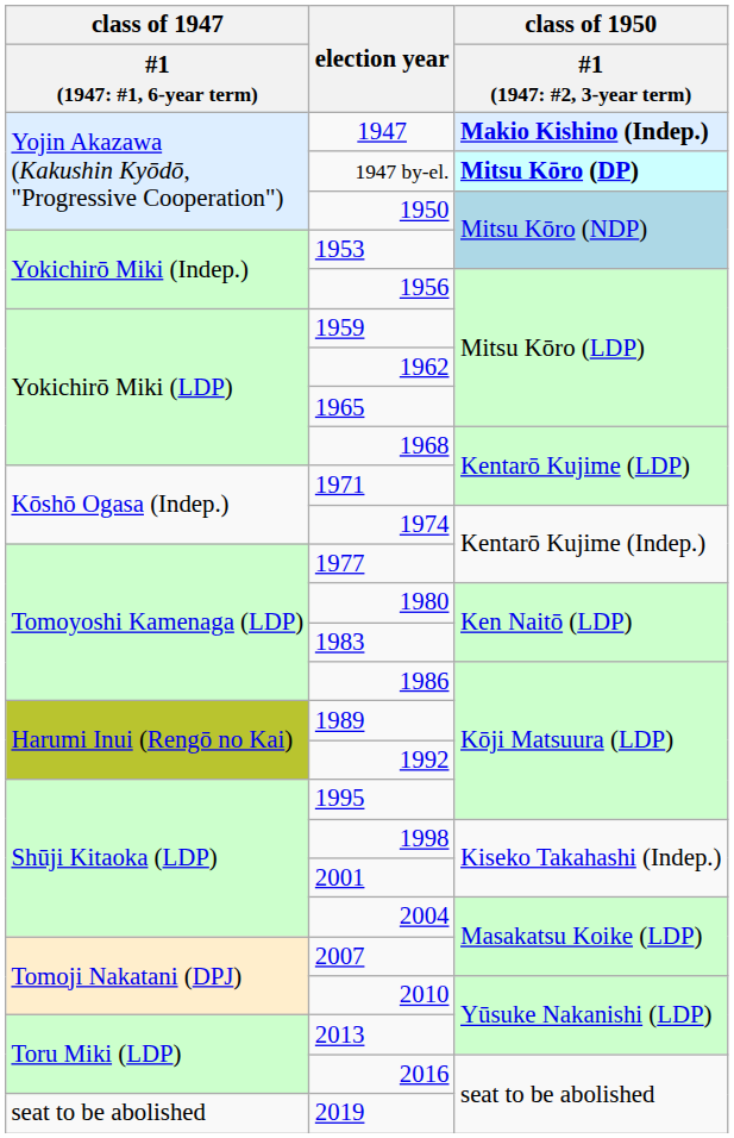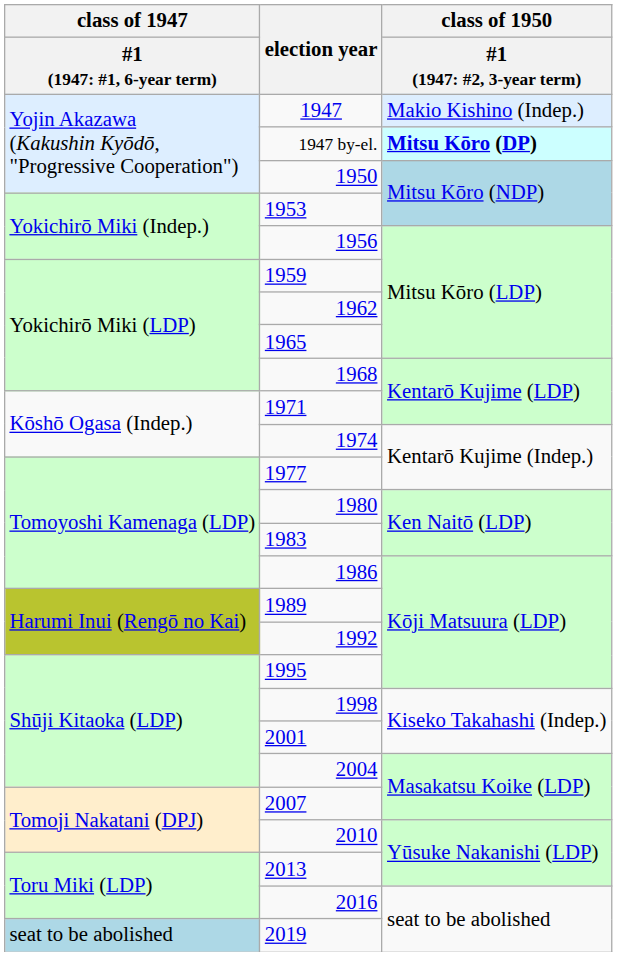 <table class="wikitable" border="1">
 <tr>
 <th>class of 1947</th>
 <th rowspan="2">election year</th>
 <th>class of 1950</th>
 </tr>
 <tr>
 <th>#1<br><small>(1947: #1, 6-year term)</small></th>
 <th>#1<br><small>(1947: #2, 3-year term)</small></th>
 </tr>
 <tr>
 <td rowspan="3" bgcolor="#DDEEFF"><a href='#'>Yojin Akazawa</a><br>(<em>Kakushin Kyōdō</em>,<br>"Progressive Cooperation")</td>
 <td align="center"><a href='#'>1947</a></td>
-<td bgcolor="#DDEEFF"><strong><a href='#'>Makio Kishino</a> (Indep.)</strong></td>
+<td bgcolor="#DDEEFF"><a href='#'>Makio Kishino</a> (Indep.)</td>
 </tr>
 <tr>
 <td align="right"><small>1947 by-el.</small></td>
 <td bgcolor="#CCFFFF"><strong><a href='#'>Mitsu Kōro</a> (<a href='#'>DP</a>)</strong></td>
 </tr>
 <tr>
 <td align="right"><a href='#'>1950</a></td>
 <td rowspan=2 bgcolor=lightblue><a href='#'>Mitsu Kōro</a> (<a href='#'>NDP</a>)</td>
 </tr>
 <tr>
 <td rowspan="2" bgcolor="#CCFFCC"><a href='#'>Yokichirō Miki</a> (Indep.)</td>
 <td align="left"><a href='#'>1953</a></td>
 </tr>
 <tr>
 <td align="right"><a href='#'>1956</a></td>
 <td rowspan="4" bgcolor="#CCFFCC">Mitsu Kōro (<a href='#'>LDP</a>)</td>
 </tr>
 <tr>
 <td rowspan="4" bgcolor="#CCFFCC">Yokichirō Miki (<a href='#'>LDP</a>)</td>
 <td align="left"><a href='#'>1959</a></td>
 </tr>
 <tr>
 <td align="right"><a href='#'>1962</a></td>
 </tr>
 <tr>
 <td align="left"><a href='#'>1965</a></td>
 </tr>
 <tr>
 <td align="right"><a href='#'>1968</a></td>
 <td rowspan="2" bgcolor="#CCFFCC"><a href='#'>Kentarō Kujime</a> (<a href='#'>LDP</a>)</td>
 </tr>
 <tr>
 <td rowspan="2"><a href='#'>Kōshō Ogasa</a> (Indep.)</td>
 <td align="left"><a href='#'>1971</a></td>
 </tr>
 <tr>
 <td align="right"><a href='#'>1974</a></td>
 <td rowspan="2">Kentarō Kujime (Indep.)</td>
 </tr>
 <tr>
 <td rowspan="4"  bgcolor="#CCFFCC"><a href='#'>Tomoyoshi Kamenaga</a> (<a href='#'>LDP</a>)</td>
 <td align="left"><a href='#'>1977</a></td>
 </tr>
 <tr>
 <td align="right"><a href='#'>1980</a></td>
 <td rowspan="2"  bgcolor="#CCFFCC"><a href='#'>Ken Naitō</a> (<a href='#'>LDP</a>)</td>
 </tr>
 <tr>
 <td align="left"><a href='#'>1983</a></td>
 </tr>
 <tr>
 <td align="right"><a href='#'>1986</a></td>
 <td rowspan="4"  bgcolor="#CCFFCC"><a href='#'>Kōji Matsuura</a> (<a href='#'>LDP</a>)</td>
 </tr>
 <tr>
 <td rowspan="2" bgcolor="#B9C42F"><a href='#'>Harumi Inui</a> (<a href='#'>Rengō no Kai</a>)</td>
 <td align="left"><a href='#'>1989</a></td>
 </tr>
 <tr>
 <td align="right"><a href='#'>1992</a></td>
 </tr>
 <tr>
 <td rowspan="4"  bgcolor="#CCFFCC"><a href='#'>Shūji Kitaoka</a> (<a href='#'>LDP</a>)</td>
 <td align="left"><a href='#'>1995</a></td>
 </tr>
 <tr>
 <td align="right"><a href='#'>1998</a></td>
 <td rowspan="2"><a href='#'>Kiseko Takahashi</a> (Indep.)</td>
 </tr>
 <tr>
 <td align="left"><a href='#'>2001</a></td>
 </tr>
 <tr>
 <td align="right"><a href='#'>2004</a></td>
 <td rowspan="2" bgcolor="#CCFFCC"><a href='#'>Masakatsu Koike</a> (<a href='#'>LDP</a>)</td>
 </tr>
 <tr>
 <td rowspan="2" bgcolor="#FFEECC"><a href='#'>Tomoji Nakatani</a> (<a href='#'>DPJ</a>)</td>
 <td align="left"><a href='#'>2007</a></td>
 </tr>
 <tr>
 <td align="right"><a href='#'>2010</a></td>
 <td rowspan="2" bgcolor="#CCFFCC"><a href='#'>Yūsuke Nakanishi</a> (<a href='#'>LDP</a>)</td>
 </tr>
 <tr>
 <td rowspan="2" bgcolor="#CCFFCC"><a href='#'>Toru Miki</a> (<a href='#'>LDP</a>)</td>
 <td align="left"><a href='#'>2013</a></td>
 </tr>
 <tr>
 <td align="right"><a href='#'>2016</a></td>
 <td rowspan="2">seat to be abolished</td>
 </tr>
 <tr>
-<td>seat to be abolished</td>
+<td style="background: lightblue;">seat to be abolished</td>
 <td align="left"><a href='#'>2019</a></td>
 </tr>
 </table>
